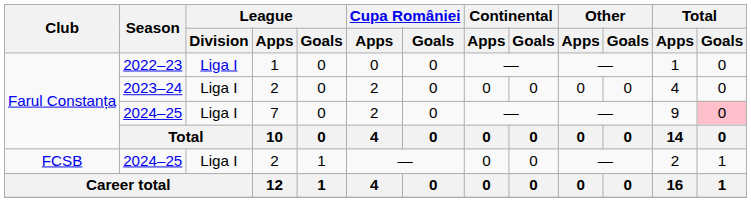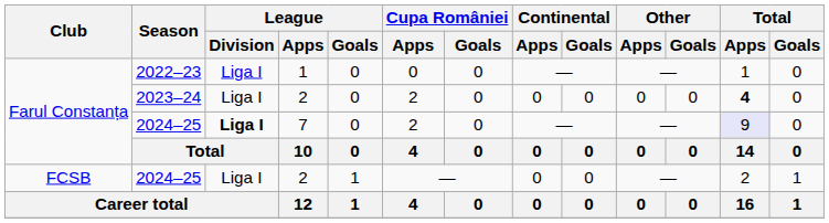 <table class="wikitable" style="text-align: center;">
 <tr>
 <th rowspan="2">Club</th>
 <th rowspan="2">Season</th>
 <th colspan="3">League</th>
 <th colspan="2"><a href='#'>Cupa României</a></th>
 <th colspan="2">Continental</th>
 <th colspan="2">Other</th>
 <th colspan="2">Total</th>
 </tr>
 <tr>
 <th>Division</th>
 <th>Apps</th>
 <th>Goals</th>
 <th>Apps</th>
 <th>Goals</th>
 <th>Apps</th>
 <th>Goals</th>
 <th>Apps</th>
 <th>Goals</th>
 <th>Apps</th>
 <th>Goals</th>
 </tr>
 <tr>
 <td rowspan="4"><a href='#'>Farul Constanța</a></td>
 <td><a href='#'>2022–23</a></td>
 <td><a href='#'>Liga I</a></td>
 <td>1</td>
 <td>0</td>
 <td>0</td>
 <td>0</td>
 <td colspan="2">—</td>
 <td colspan="2">—</td>
 <td>1</td>
 <td>0</td>
 </tr>
 <tr>
 <td><a href='#'>2023–24</a></td>
 <td>Liga I</td>
 <td>2</td>
 <td>0</td>
 <td>2</td>
 <td>0</td>
 <td>0</td>
 <td>0</td>
 <td>0</td>
 <td>0</td>
-<td>4</td>
+<td><strong>4</strong></td>
 <td>0</td>
 </tr>
 <tr>
 <td><a href='#'>2024–25</a></td>
-<td>Liga I</td>
+<td><strong>Liga I</strong></td>
 <td>7</td>
 <td>0</td>
 <td>2</td>
 <td>0</td>
 <td colspan="2">—</td>
 <td colspan="2">—</td>
-<td>9</td>
-<td style="background: pink;">0</td>
+<td style="background: lavender;">9</td>
+<td>0</td>
 </tr>
 <tr>
 <th colspan="2">Total</th>
 <th>10</th>
 <th>0</th>
 <th>4</th>
 <th>0</th>
 <th>0</th>
 <th>0</th>
 <th>0</th>
 <th>0</th>
 <th>14</th>
 <th>0</th>
 </tr>
 <tr>
 <td rowspan="1"><a href='#'>FCSB</a></td>
 <td><a href='#'>2024–25</a></td>
 <td>Liga I</td>
 <td>2</td>
 <td>1</td>
 <td colspan="2">—</td>
 <td>0</td>
 <td>0</td>
 <td colspan="2">—</td>
 <td>2</td>
 <td>1</td>
 </tr>
 <tr>
 <th colspan="3">Career total</th>
 <th>12</th>
 <th>1</th>
 <th>4</th>
 <th>0</th>
 <th>0</th>
 <th>0</th>
 <th>0</th>
 <th>0</th>
 <th>16</th>
 <th>1</th>
 </tr>
 <tr>
 </tr>
 </table>
